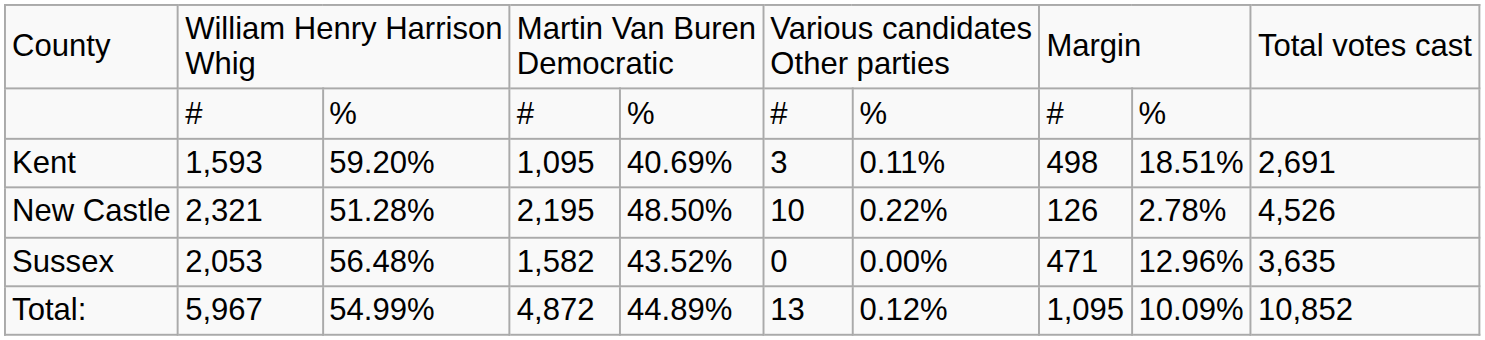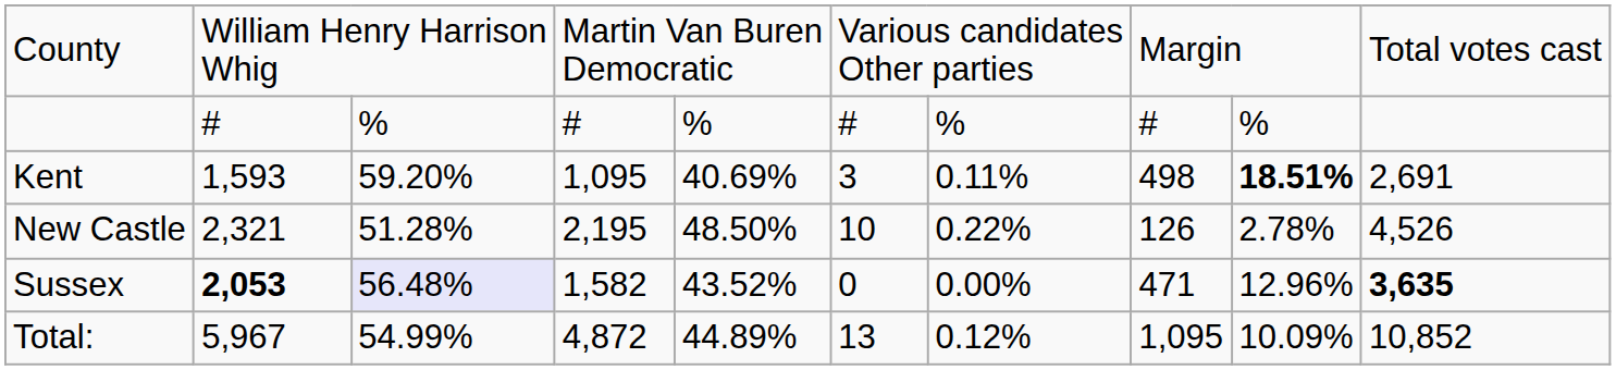 <table class="wikitable">
 <tr>
 <td>County</td>
 <td colspan="2" rowspan="1">William Henry Harrison<br>Whig</td>
 <td colspan="2" rowspan="1">Martin Van Buren<br>Democratic</td>
 <td colspan="2" rowspan="1">Various candidates<br>Other parties</td>
 <td colspan="2" rowspan="1">Margin</td>
 <td>Total votes cast</td>
 </tr>
 <tr>
 <td></td>
 <td>#</td>
 <td>%</td>
 <td>#</td>
 <td>%</td>
 <td>#</td>
 <td>%</td>
 <td>#</td>
 <td>%</td>
 <td></td>
 </tr>
 <tr>
 <td>Kent</td>
 <td>1,593</td>
 <td>59.20%</td>
 <td>1,095</td>
 <td>40.69%</td>
 <td>3</td>
 <td>0.11%</td>
 <td>498</td>
-<td>18.51%</td>
+<td><strong>18.51%</strong></td>
 <td>2,691</td>
 </tr>
 <tr>
 <td>New Castle</td>
 <td>2,321</td>
 <td>51.28%</td>
 <td>2,195</td>
 <td>48.50%</td>
 <td>10</td>
 <td>0.22%</td>
 <td>126</td>
 <td>2.78%</td>
 <td>4,526</td>
 </tr>
 <tr>
 <td>Sussex</td>
-<td>2,053</td>
-<td>56.48%</td>
+<td><strong>2,053</strong></td>
+<td style="background: lavender;">56.48%</td>
 <td>1,582</td>
 <td>43.52%</td>
 <td>0</td>
 <td>0.00%</td>
 <td>471</td>
 <td>12.96%</td>
-<td>3,635</td>
+<td><strong>3,635</strong></td>
 </tr>
 <tr>
 <td>Total:</td>
 <td>5,967</td>
 <td>54.99%</td>
 <td>4,872</td>
 <td>44.89%</td>
 <td>13</td>
 <td>0.12%</td>
 <td>1,095</td>
 <td>10.09%</td>
 <td>10,852</td>
 </tr>
 </table>
